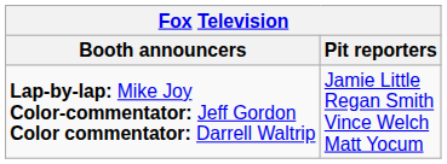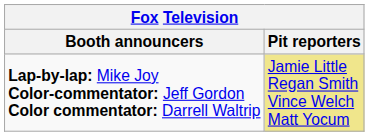 <table class="wikitable" style="font-size: 95%">
 <tr>
 <th colspan="2"><a href='#'>Fox</a> <a href='#'>Television</a></th>
 </tr>
 <tr>
 <th>Booth announcers</th>
 <th>Pit reporters</th>
 </tr>
 <tr>
 <td><strong>Lap-by-lap:</strong> <a href='#'>Mike Joy</a><br><strong>Color-commentator:</strong> <a href='#'>Jeff Gordon</a><br><strong>Color commentator:</strong> <a href='#'>Darrell Waltrip</a></td>
-<td><a href='#'>Jamie Little</a><br><a href='#'>Regan Smith</a><br><a href='#'>Vince Welch</a><br><a href='#'>Matt Yocum</a></td>
+<td style="background: khaki;"><a href='#'>Jamie Little</a><br><a href='#'>Regan Smith</a><br><a href='#'>Vince Welch</a><br><a href='#'>Matt Yocum</a></td>
 </tr>
 </table>
